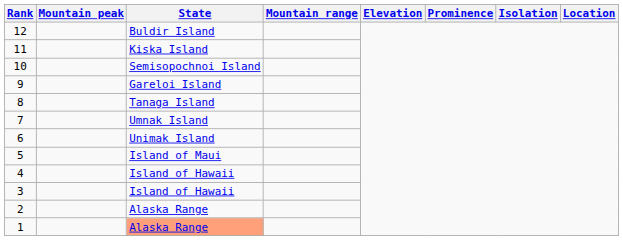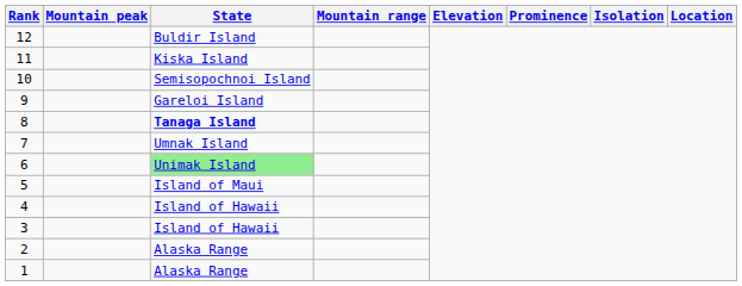 <table class="wikitable sortable">
 <tr>
 <th><a href='#'>Rank</a></th>
 <th><a href='#'>Mountain peak</a></th>
 <th><a href='#'>State</a></th>
 <th><a href='#'>Mountain range</a></th>
 <th><a href='#'>Elevation</a></th>
 <th><a href='#'>Prominence</a></th>
 <th><a href='#'>Isolation</a></th>
 <th><a href='#'>Location</a></th>
 </tr>
 <tr>
 <td align=center>12<br></td>
 <td></td>
 <td><a href='#'>Buldir Island</a><br></td>
 <td></td>
 </tr>
 <tr>
 <td align=center>11<br></td>
 <td></td>
 <td><a href='#'>Kiska Island</a><br></td>
 <td></td>
 </tr>
 <tr>
 <td align=center>10<br></td>
 <td></td>
 <td><a href='#'>Semisopochnoi Island</a><br></td>
 <td></td>
 </tr>
 <tr>
 <td align=center>9<br></td>
 <td></td>
 <td><a href='#'>Gareloi Island</a><br></td>
 <td></td>
 </tr>
 <tr>
 <td align=center>8<br></td>
 <td></td>
-<td><a href='#'>Tanaga Island</a><br></td>
+<td><strong><a href='#'>Tanaga Island</a><br></strong></td>
 <td></td>
 </tr>
 <tr>
 <td align=center>7<br></td>
 <td></td>
 <td><a href='#'>Umnak Island</a><br></td>
 <td></td>
 </tr>
 <tr>
 <td align=center>6<br></td>
 <td></td>
-<td><a href='#'>Unimak Island</a><br></td>
+<td style="background: lightgreen;"><a href='#'>Unimak Island</a><br></td>
 <td></td>
 </tr>
 <tr>
 <td align=center>5<br></td>
 <td></td>
 <td><a href='#'>Island of Maui</a><br></td>
 <td></td>
 </tr>
 <tr>
 <td align=center>4<br></td>
 <td></td>
 <td><a href='#'>Island of Hawaii</a><br></td>
 <td></td>
 </tr>
 <tr>
 <td align=center>3<br></td>
 <td></td>
 <td><a href='#'>Island of Hawaii</a><br></td>
 <td></td>
 </tr>
 <tr>
 <td align=center>2<br></td>
 <td></td>
 <td><a href='#'>Alaska Range</a><br></td>
 <td></td>
 </tr>
 <tr>
 <td align=center>1<br></td>
 <td></td>
-<td style="background: lightsalmon;"><a href='#'>Alaska Range</a><br></td>
+<td><a href='#'>Alaska Range</a><br></td>
 <td></td>
 </tr>
 </table>
